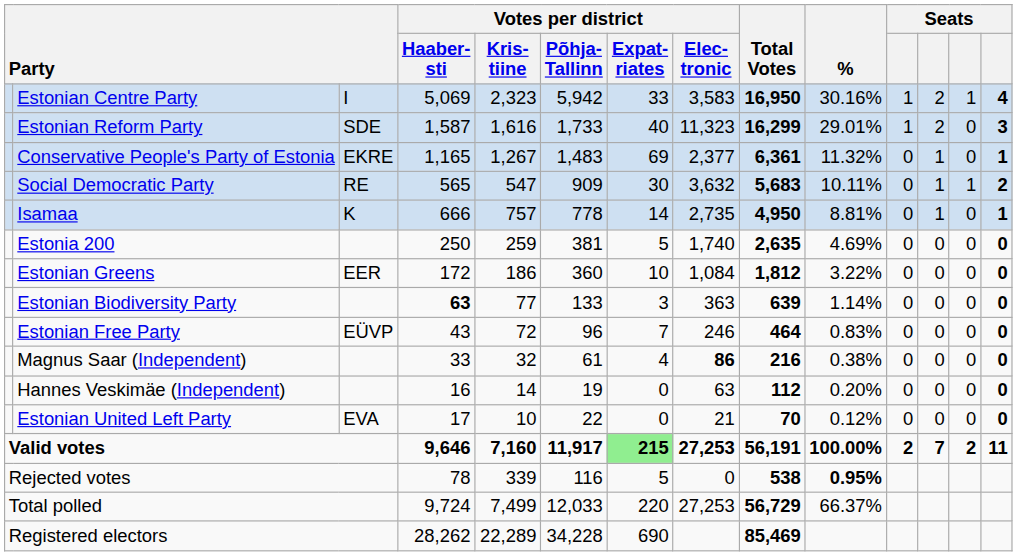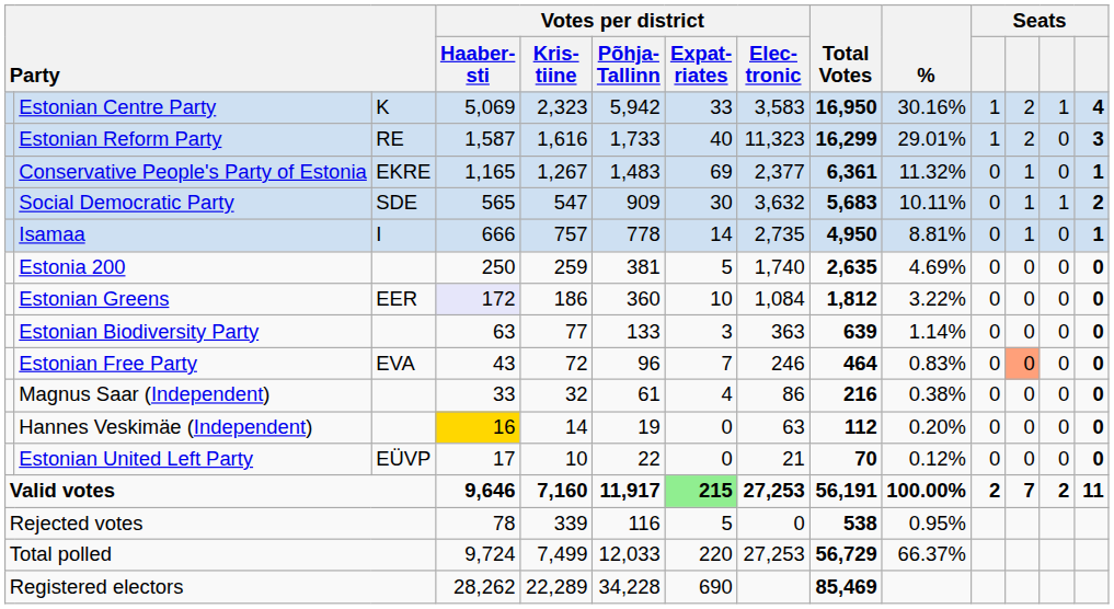 <table class="wikitable" border="1" style="text-align:right;">
 <tr>
 <th style="text-align:left;" valign=bottom rowspan=2 colspan=3>Party</th>
 <th colspan=5>Votes per district</th>
 <th align=center valign=bottom rowspan=2 width="50">Total Votes</th>
 <th align=center valign=bottom rowspan=2 width="50">%</th>
 <th colspan=4>Seats</th>
 </tr>
 <tr>
 <th align=center valign=bottom width="50"><a href='#'>Haaber- sti</a></th>
 <th align=center valign=bottom width="50"><a href='#'>Kris- tiine</a></th>
 <th align=center valign=bottom width="50"><a href='#'>Põhja- Tallinn</a></th>
 <th align=center valign=bottom width="50"><a href='#'>Expat- riates</a></th>
 <th align=center valign=bottom width="50"><a href='#'>Elec- tronic</a></th>
 <th align=center valign=bottom width="20"><small></small></th>
 <th align=center valign=bottom width="20"><small></small></th>
 <th align=center valign=bottom width="20"><small></small></th>
 <th align=center valign=bottom width="20"><small></small></th>
 </tr>
 <tr style="background:#CEE0F2;">
 <td style="background:"></td>
 <td align=left><a href='#'>Estonian Centre Party</a></td>
-<td align=left>I</td>
+<td align=left>K</td>
 <td>5,069</td>
 <td>2,323</td>
 <td>5,942</td>
 <td>33</td>
 <td>3,583</td>
 <td><strong>16,950</strong></td>
 <td>30.16%</td>
 <td>1</td>
 <td>2</td>
 <td>1</td>
 <td><strong>4</strong></td>
 </tr>
 <tr style="background:#CEE0F2;">
 <td style="background:"></td>
 <td align=left><a href='#'>Estonian Reform Party</a></td>
-<td align=left>SDE</td>
+<td align=left>RE</td>
 <td>1,587</td>
 <td>1,616</td>
 <td>1,733</td>
 <td>40</td>
 <td>11,323</td>
 <td><strong>16,299</strong></td>
 <td>29.01%</td>
 <td>1</td>
 <td>2</td>
 <td>0</td>
 <td><strong>3</strong></td>
 </tr>
 <tr style="background:#CEE0F2;">
 <td style="background:"></td>
 <td align=left><a href='#'>Conservative People's Party of Estonia</a></td>
 <td align=left>EKRE</td>
 <td>1,165</td>
 <td>1,267</td>
 <td>1,483</td>
 <td>69</td>
 <td>2,377</td>
 <td><strong>6,361</strong></td>
 <td>11.32%</td>
 <td>0</td>
 <td>1</td>
 <td>0</td>
 <td><strong>1</strong></td>
 </tr>
 <tr style="background:#CEE0F2;">
 <td style="background:"></td>
 <td align=left><a href='#'>Social Democratic Party</a></td>
-<td align=left>RE</td>
+<td align=left>SDE</td>
 <td>565</td>
 <td>547</td>
 <td>909</td>
 <td>30</td>
 <td>3,632</td>
 <td><strong>5,683</strong></td>
 <td>10.11%</td>
 <td>0</td>
 <td>1</td>
 <td>1</td>
 <td><strong>2</strong></td>
 </tr>
 <tr style="background:#CEE0F2;">
 <td style="background:"></td>
 <td align=left><a href='#'>Isamaa</a></td>
-<td align=left>K</td>
+<td align=left>I</td>
 <td>666</td>
 <td>757</td>
 <td>778</td>
 <td>14</td>
 <td>2,735</td>
 <td><strong>4,950</strong></td>
 <td>8.81%</td>
 <td>0</td>
 <td>1</td>
 <td>0</td>
 <td><strong>1</strong></td>
 </tr>
 <tr>
 <td style="background:"></td>
 <td align=left><a href='#'>Estonia 200</a></td>
 <td></td>
 <td>250</td>
 <td>259</td>
 <td>381</td>
 <td>5</td>
 <td>1,740</td>
 <td><strong>2,635</strong></td>
 <td>4.69%</td>
 <td>0</td>
 <td>0</td>
 <td>0</td>
 <td><strong>0</strong></td>
 </tr>
 <tr>
 <td style="background:"></td>
 <td align=left><a href='#'>Estonian Greens</a></td>
 <td align=left>EER</td>
-<td>172</td>
+<td style="background: lavender;">172</td>
 <td>186</td>
 <td>360</td>
 <td>10</td>
 <td>1,084</td>
 <td><strong>1,812</strong></td>
 <td>3.22%</td>
 <td>0</td>
 <td>0</td>
 <td>0</td>
 <td><strong>0</strong></td>
 </tr>
 <tr>
 <td style="background:"></td>
 <td align=left><a href='#'>Estonian Biodiversity Party</a></td>
 <td></td>
-<td><strong>63</strong></td>
+<td>63</td>
 <td>77</td>
 <td>133</td>
 <td>3</td>
 <td>363</td>
 <td><strong>639</strong></td>
 <td>1.14%</td>
 <td>0</td>
 <td>0</td>
 <td>0</td>
 <td><strong>0</strong></td>
 </tr>
 <tr>
 <td style="background:"></td>
 <td align=left><a href='#'>Estonian Free Party</a></td>
-<td align=left>EÜVP</td>
+<td align=left>EVA</td>
 <td>43</td>
 <td>72</td>
 <td>96</td>
 <td>7</td>
 <td>246</td>
 <td><strong>464</strong></td>
 <td>0.83%</td>
 <td>0</td>
-<td>0</td>
+<td style="background: lightsalmon;">0</td>
 <td>0</td>
 <td><strong>0</strong></td>
 </tr>
 <tr>
 <td style="background:"></td>
 <td align=left>Magnus Saar (<a href='#'>Independent</a>)</td>
 <td></td>
 <td>33</td>
 <td>32</td>
 <td>61</td>
 <td>4</td>
-<td><strong>86</strong></td>
+<td>86</td>
 <td><strong>216</strong></td>
 <td>0.38%</td>
 <td>0</td>
 <td>0</td>
 <td>0</td>
 <td><strong>0</strong></td>
 </tr>
 <tr>
 <td style="background:"></td>
 <td align=left>Hannes Veskimäe (<a href='#'>Independent</a>)</td>
 <td></td>
-<td>16</td>
+<td style="background: gold;">16</td>
 <td>14</td>
 <td>19</td>
 <td>0</td>
 <td>63</td>
 <td><strong>112</strong></td>
 <td>0.20%</td>
 <td>0</td>
 <td>0</td>
 <td>0</td>
 <td><strong>0</strong></td>
 </tr>
 <tr>
 <td style="background:"></td>
 <td align=left><a href='#'>Estonian United Left Party</a></td>
-<td align=left>EVA</td>
+<td align=left>EÜVP</td>
 <td>17</td>
 <td>10</td>
 <td>22</td>
 <td>0</td>
 <td>21</td>
 <td><strong>70</strong></td>
 <td>0.12%</td>
 <td>0</td>
 <td>0</td>
 <td>0</td>
 <td><strong>0</strong></td>
 </tr>
 <tr style="font-weight:bold">
 <td align=left colspan=3>Valid votes</td>
 <td>9,646</td>
 <td>7,160</td>
 <td>11,917</td>
 <td style="background: lightgreen;">215</td>
 <td>27,253</td>
 <td>56,191</td>
 <td>100.00%</td>
 <td>2</td>
 <td>7</td>
 <td>2</td>
 <td>11</td>
 </tr>
 <tr>
 <td align=left colspan=3>Rejected votes</td>
 <td>78</td>
 <td>339</td>
 <td>116</td>
 <td>5</td>
 <td>0</td>
 <td><strong>538</strong></td>
-<td><strong>0.95%</strong></td>
+<td>0.95%</td>
 <td></td>
 <td></td>
 <td></td>
 <td></td>
 </tr>
 <tr>
 <td align=left colspan=3>Total polled</td>
 <td>9,724</td>
 <td>7,499</td>
 <td>12,033</td>
 <td>220</td>
 <td>27,253</td>
 <td><strong>56,729</strong></td>
 <td>66.37%</td>
 <td></td>
 <td></td>
 <td></td>
 <td></td>
 </tr>
 <tr>
 <td align=left colspan=3>Registered electors</td>
 <td>28,262</td>
 <td>22,289</td>
 <td>34,228</td>
 <td>690</td>
 <td></td>
 <td><strong>85,469</strong></td>
 <td></td>
 <td></td>
 <td></td>
 <td></td>
 <td></td>
 </tr>
 </table>
